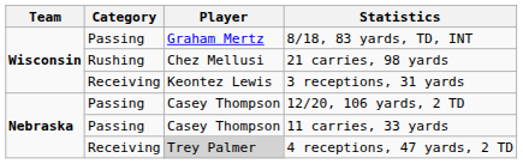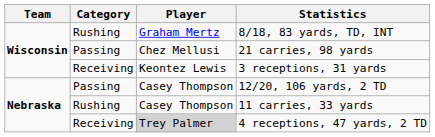 <table class="wikitable" style="float: right;">
 <tr>
 <th>Team</th>
 <th>Category</th>
 <th>Player</th>
 <th>Statistics</th>
 </tr>
 <tr>
 <td rowspan=3><strong>Wisconsin</strong></td>
-<td>Passing</td>
+<td>Rushing</td>
 <td><a href='#'>Graham Mertz</a></td>
 <td>8/18, 83 yards, TD, INT</td>
 </tr>
 <tr>
-<td>Rushing</td>
+<td>Passing</td>
 <td>Chez Mellusi</td>
 <td>21 carries, 98 yards</td>
 </tr>
 <tr>
 <td>Receiving</td>
 <td>Keontez Lewis</td>
 <td>3 receptions, 31 yards</td>
 </tr>
 <tr>
 <td rowspan=3><strong>Nebraska</strong></td>
 <td>Passing</td>
 <td>Casey Thompson</td>
 <td>12/20, 106 yards, 2 TD</td>
 </tr>
 <tr>
-<td>Passing</td>
+<td>Rushing</td>
 <td>Casey Thompson</td>
 <td>11 carries, 33 yards</td>
 </tr>
 <tr>
 <td>Receiving</td>
 <td style="background: lightgrey;">Trey Palmer</td>
 <td>4 receptions, 47 yards, 2 TD</td>
 </tr>
 </table>
